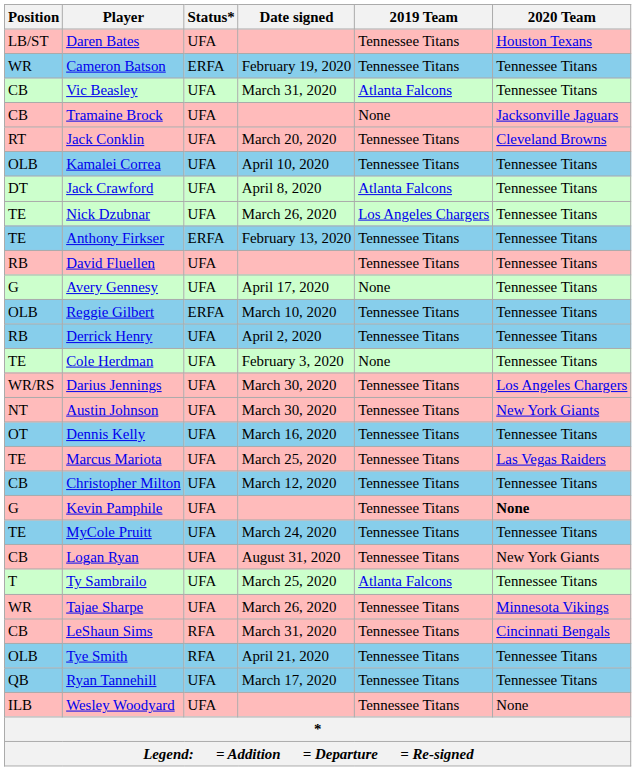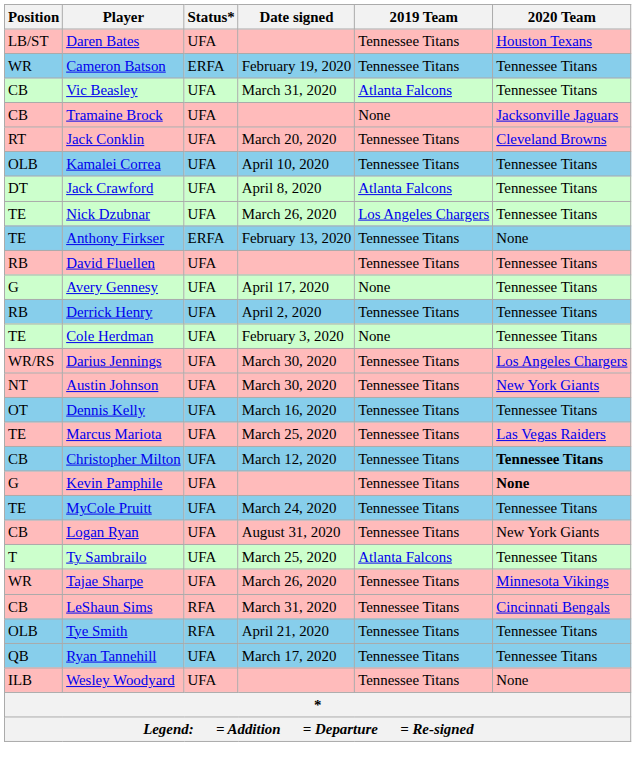 <table class="wikitable sortable" style="font-size: 95%">
 <tr>
 <th>Position</th>
 <th>Player</th>
 <th>Status*</th>
 <th>Date signed</th>
 <th>2019 Team</th>
 <th>2020 Team</th>
 </tr>
 <tr style="background:#fbb">
 <td>LB/ST</td>
 <td><a href='#'>Daren Bates</a></td>
 <td>UFA</td>
 <td></td>
 <td>Tennessee Titans</td>
 <td><a href='#'>Houston Texans</a></td>
 </tr>
 <tr style="background:#87ceeb">
 <td>WR</td>
 <td><a href='#'>Cameron Batson</a></td>
 <td>ERFA</td>
 <td>February 19, 2020</td>
 <td>Tennessee Titans</td>
 <td>Tennessee Titans</td>
 </tr>
 <tr style="background:#cfc">
 <td>CB</td>
 <td><a href='#'>Vic Beasley</a></td>
 <td>UFA</td>
 <td>March 31, 2020</td>
 <td><a href='#'>Atlanta Falcons</a></td>
 <td>Tennessee Titans</td>
 </tr>
 <tr style="background:#fbb">
 <td>CB</td>
 <td><a href='#'>Tramaine Brock</a></td>
 <td>UFA</td>
 <td></td>
 <td>None</td>
 <td><a href='#'>Jacksonville Jaguars</a></td>
 </tr>
 <tr style="background:#fbb">
 <td>RT</td>
 <td><a href='#'>Jack Conklin</a></td>
 <td>UFA</td>
 <td>March 20, 2020</td>
 <td>Tennessee Titans</td>
 <td><a href='#'>Cleveland Browns</a></td>
 </tr>
 <tr style="background:#87ceeb">
 <td>OLB</td>
 <td><a href='#'>Kamalei Correa</a></td>
 <td>UFA</td>
 <td>April 10, 2020</td>
 <td>Tennessee Titans</td>
 <td>Tennessee Titans</td>
 </tr>
 <tr style="background:#cfc">
 <td>DT</td>
 <td><a href='#'>Jack Crawford</a></td>
 <td>UFA</td>
 <td>April 8, 2020</td>
 <td><a href='#'>Atlanta Falcons</a></td>
 <td>Tennessee Titans</td>
 </tr>
 <tr style="background:#cfc">
 <td>TE</td>
 <td><a href='#'>Nick Dzubnar</a></td>
 <td>UFA</td>
 <td>March 26, 2020</td>
 <td><a href='#'>Los Angeles Chargers</a></td>
 <td>Tennessee Titans</td>
 </tr>
 <tr style="background:#87ceeb">
 <td>TE</td>
 <td><a href='#'>Anthony Firkser</a></td>
 <td>ERFA</td>
 <td>February 13, 2020</td>
 <td>Tennessee Titans</td>
-<td>Tennessee Titans</td>
+<td>None</td>
 </tr>
 <tr style="background:#fbb">
 <td>RB</td>
 <td><a href='#'>David Fluellen</a></td>
 <td>UFA</td>
 <td></td>
 <td>Tennessee Titans</td>
 <td>Tennessee Titans</td>
 </tr>
 <tr style="background:#cfc">
 <td>G</td>
 <td><a href='#'>Avery Gennesy</a></td>
 <td>UFA</td>
 <td>April 17, 2020</td>
 <td>None</td>
-<td>Tennessee Titans</td>
-</tr>
-<tr style="background:#87ceeb">
-<td>OLB</td>
-<td><a href='#'>Reggie Gilbert</a></td>
-<td>ERFA</td>
-<td>March 10, 2020</td>
-<td>Tennessee Titans</td>
 <td>Tennessee Titans</td>
 </tr>
 <tr style="background:#87ceeb">
 <td>RB</td>
 <td><a href='#'>Derrick Henry</a></td>
 <td>UFA</td>
 <td>April 2, 2020</td>
 <td>Tennessee Titans</td>
 <td>Tennessee Titans</td>
 </tr>
 <tr style="background:#cfc">
 <td>TE</td>
 <td><a href='#'>Cole Herdman</a></td>
 <td>UFA</td>
 <td>February 3, 2020</td>
 <td>None</td>
 <td>Tennessee Titans</td>
 </tr>
 <tr style="background:#fbb">
 <td>WR/RS</td>
 <td><a href='#'>Darius Jennings</a></td>
 <td>UFA</td>
 <td>March 30, 2020</td>
 <td>Tennessee Titans</td>
 <td><a href='#'>Los Angeles Chargers</a></td>
 </tr>
 <tr style="background:#fbb">
 <td>NT</td>
 <td><a href='#'>Austin Johnson</a></td>
 <td>UFA</td>
 <td>March 30, 2020</td>
 <td>Tennessee Titans</td>
 <td><a href='#'>New York Giants</a></td>
 </tr>
 <tr style="background:#87ceeb">
 <td>OT</td>
 <td><a href='#'>Dennis Kelly</a></td>
 <td>UFA</td>
 <td>March 16, 2020</td>
 <td>Tennessee Titans</td>
 <td>Tennessee Titans</td>
 </tr>
 <tr style="background:#fbb">
 <td>TE</td>
 <td><a href='#'>Marcus Mariota</a></td>
 <td>UFA</td>
 <td>March 25, 2020</td>
 <td>Tennessee Titans</td>
 <td><a href='#'>Las Vegas Raiders</a></td>
 </tr>
 <tr style="background:#87ceeb">
 <td>CB</td>
 <td><a href='#'>Christopher Milton</a></td>
 <td>UFA</td>
 <td>March 12, 2020</td>
 <td>Tennessee Titans</td>
-<td>Tennessee Titans</td>
+<td><strong>Tennessee Titans</strong></td>
 </tr>
 <tr style="background:#fbb">
 <td>G</td>
 <td><a href='#'>Kevin Pamphile</a></td>
 <td>UFA</td>
 <td></td>
 <td>Tennessee Titans</td>
 <td><strong>None</strong></td>
 </tr>
 <tr style="background:#87ceeb">
 <td>TE</td>
 <td><a href='#'>MyCole Pruitt</a></td>
 <td>UFA</td>
 <td>March 24, 2020</td>
 <td>Tennessee Titans</td>
 <td>Tennessee Titans</td>
 </tr>
 <tr style="background:#fbb">
 <td>CB</td>
 <td><a href='#'>Logan Ryan</a></td>
 <td>UFA</td>
 <td>August 31, 2020</td>
 <td>Tennessee Titans</td>
 <td>New York Giants</td>
 </tr>
 <tr style="background:#cfc">
 <td>T</td>
 <td><a href='#'>Ty Sambrailo</a></td>
 <td>UFA</td>
 <td>March 25, 2020</td>
 <td><a href='#'>Atlanta Falcons</a></td>
 <td>Tennessee Titans</td>
 </tr>
 <tr style="background:#fbb">
 <td>WR</td>
 <td><a href='#'>Tajae Sharpe</a></td>
 <td>UFA</td>
 <td>March 26, 2020</td>
 <td>Tennessee Titans</td>
 <td><a href='#'>Minnesota Vikings</a></td>
 </tr>
 <tr style="background:#fbb">
 <td>CB</td>
 <td><a href='#'>LeShaun Sims</a></td>
 <td>RFA</td>
 <td>March 31, 2020</td>
 <td>Tennessee Titans</td>
 <td><a href='#'>Cincinnati Bengals</a></td>
 </tr>
 <tr style="background:#87ceeb">
 <td>OLB</td>
 <td><a href='#'>Tye Smith</a></td>
 <td>RFA</td>
 <td>April 21, 2020</td>
 <td>Tennessee Titans</td>
 <td>Tennessee Titans</td>
 </tr>
 <tr style="background:#87ceeb">
 <td>QB</td>
 <td><a href='#'>Ryan Tannehill</a></td>
 <td>UFA</td>
 <td>March 17, 2020</td>
 <td>Tennessee Titans</td>
 <td>Tennessee Titans</td>
 </tr>
 <tr style="background:#fbb">
 <td>ILB</td>
 <td><a href='#'>Wesley Woodyard</a></td>
 <td>UFA</td>
 <td></td>
 <td>Tennessee Titans</td>
 <td>None</td>
 </tr>
 <tr>
 <th colspan=6>*</th>
 </tr>
 <tr>
 <th colspan=6><em>Legend:       = Addition       = Departure       = Re-signed     </em></th>
 </tr>
 </table>
